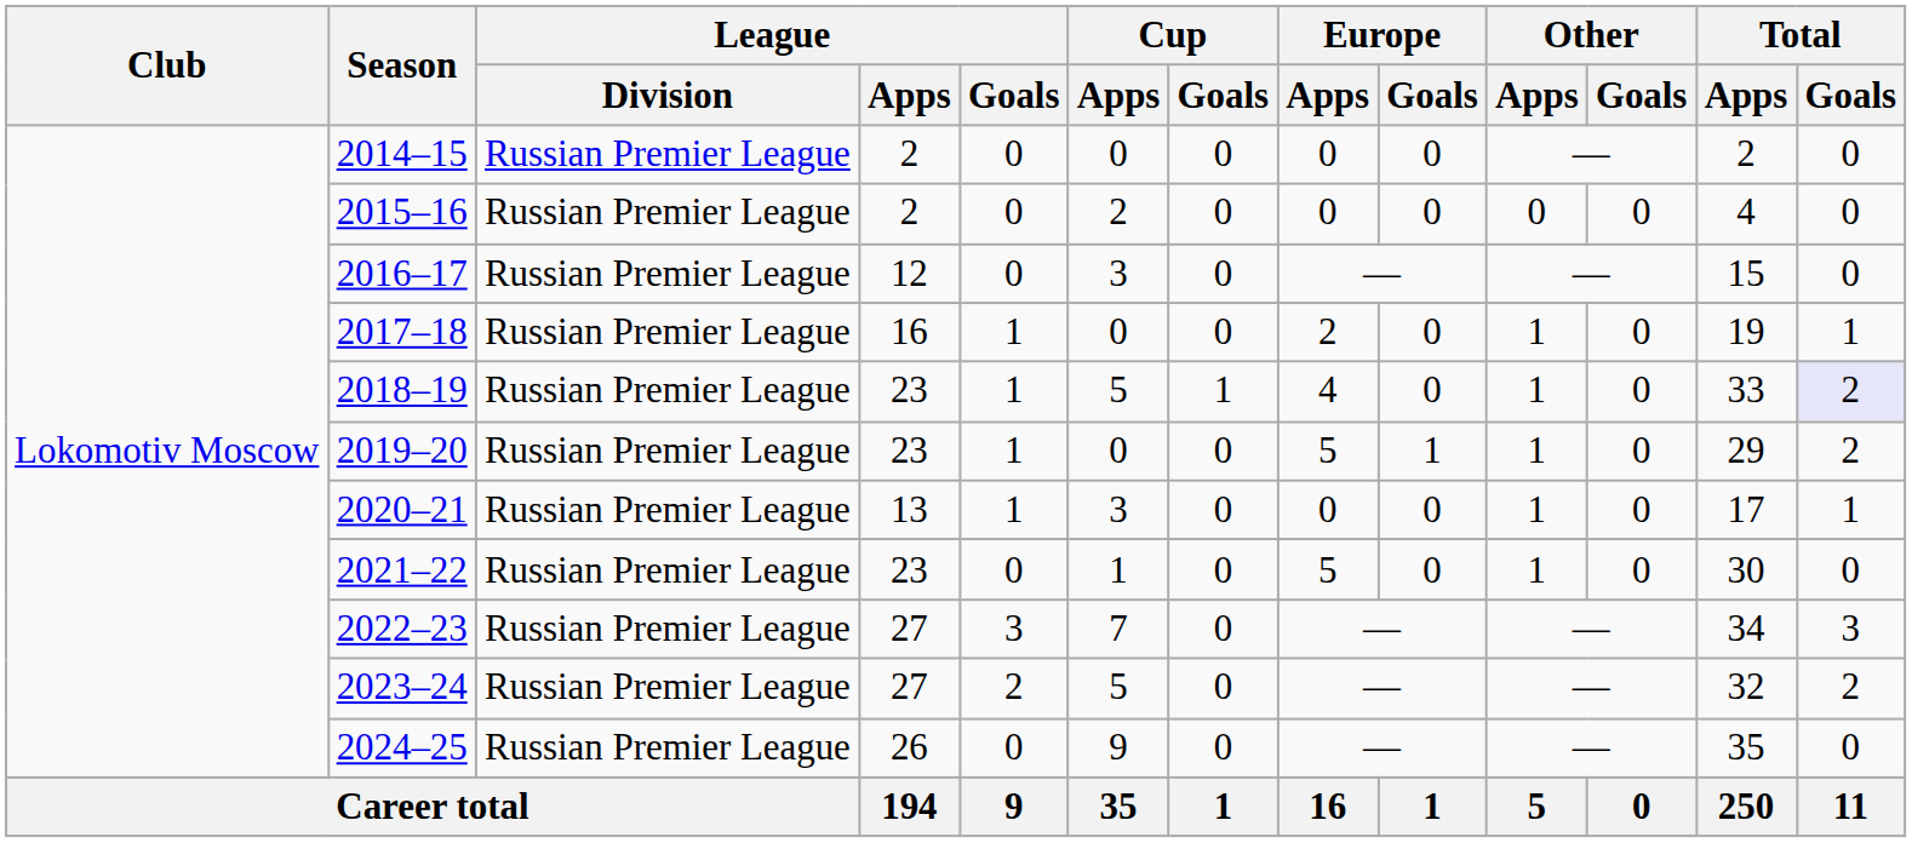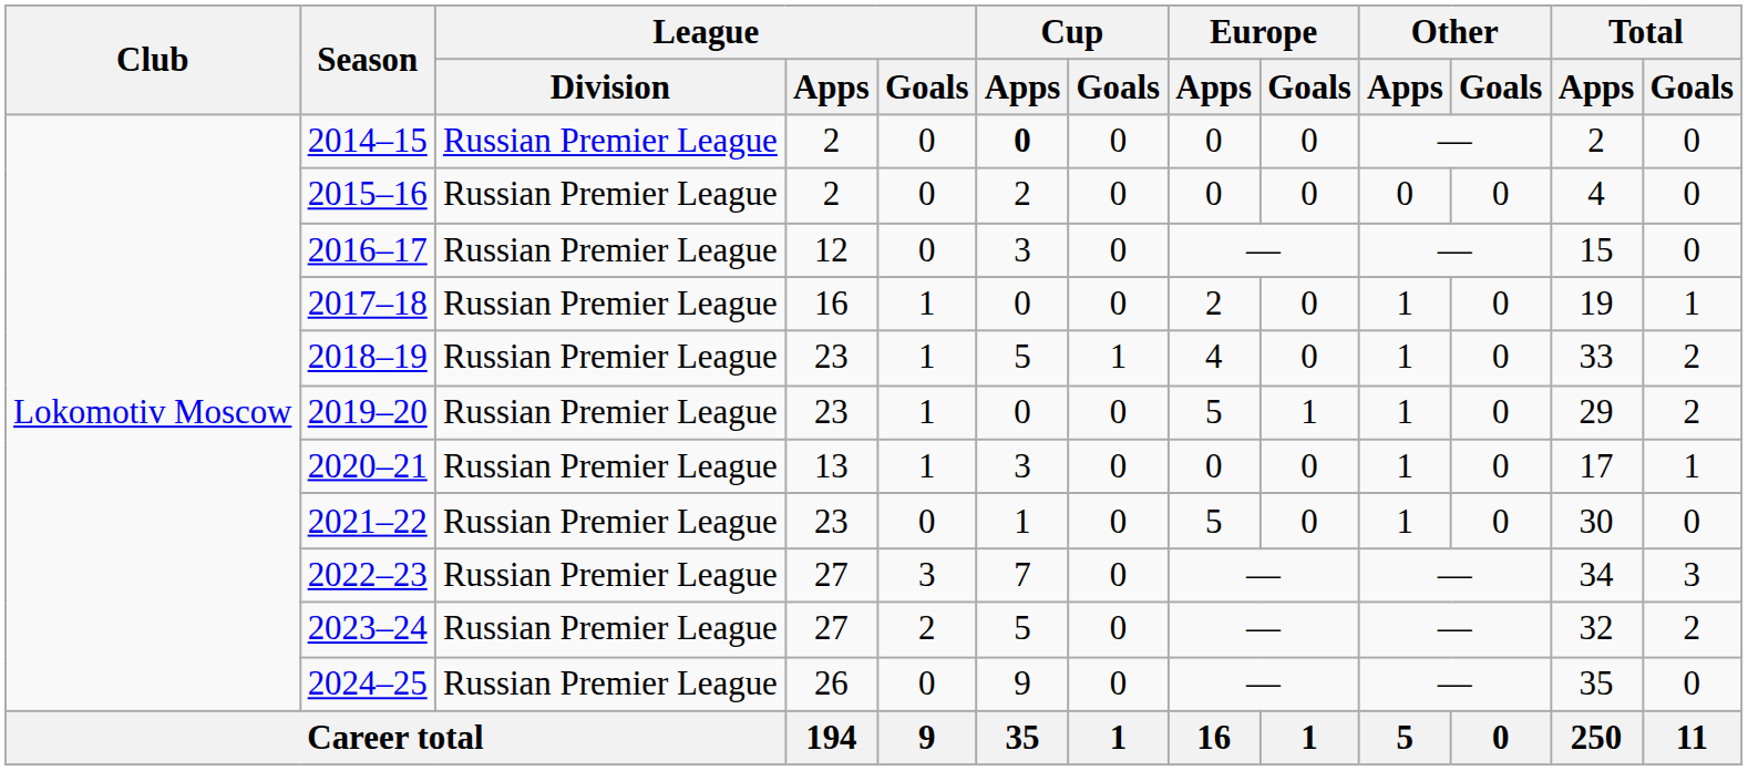 <table class="wikitable" style="text-align:center">
 <tr>
 <th rowspan="2">Club</th>
 <th rowspan="2">Season</th>
 <th colspan="3">League</th>
 <th colspan="2">Cup</th>
 <th colspan="2">Europe</th>
 <th colspan="2">Other</th>
 <th colspan="2">Total</th>
 </tr>
 <tr>
 <th>Division</th>
 <th>Apps</th>
 <th>Goals</th>
 <th>Apps</th>
 <th>Goals</th>
 <th>Apps</th>
 <th>Goals</th>
 <th>Apps</th>
 <th>Goals</th>
 <th>Apps</th>
 <th>Goals</th>
 </tr>
 <tr>
 <td rowspan="11"><a href='#'>Lokomotiv Moscow</a></td>
 <td><a href='#'>2014–15</a></td>
 <td><a href='#'>Russian Premier League</a></td>
 <td>2</td>
 <td>0</td>
-<td>0</td>
+<td><strong>0</strong></td>
 <td>0</td>
 <td>0</td>
 <td>0</td>
 <td colspan="2">—</td>
 <td>2</td>
 <td>0</td>
 </tr>
 <tr>
 <td><a href='#'>2015–16</a></td>
 <td>Russian Premier League</td>
 <td>2</td>
 <td>0</td>
 <td>2</td>
 <td>0</td>
 <td>0</td>
 <td>0</td>
 <td>0</td>
 <td>0</td>
 <td>4</td>
 <td>0</td>
 </tr>
 <tr>
 <td><a href='#'>2016–17</a></td>
 <td>Russian Premier League</td>
 <td>12</td>
 <td>0</td>
 <td>3</td>
 <td>0</td>
 <td colspan="2">—</td>
 <td colspan="2">—</td>
 <td>15</td>
 <td>0</td>
 </tr>
 <tr>
 <td><a href='#'>2017–18</a></td>
 <td>Russian Premier League</td>
 <td>16</td>
 <td>1</td>
 <td>0</td>
 <td>0</td>
 <td>2</td>
 <td>0</td>
 <td>1</td>
 <td>0</td>
 <td>19</td>
 <td>1</td>
 </tr>
 <tr>
 <td><a href='#'>2018–19</a></td>
 <td>Russian Premier League</td>
 <td>23</td>
 <td>1</td>
 <td>5</td>
 <td>1</td>
 <td>4</td>
 <td>0</td>
 <td>1</td>
 <td>0</td>
 <td>33</td>
-<td style="background: lavender;">2</td>
+<td>2</td>
 </tr>
 <tr>
 <td><a href='#'>2019–20</a></td>
 <td>Russian Premier League</td>
 <td>23</td>
 <td>1</td>
 <td>0</td>
 <td>0</td>
 <td>5</td>
 <td>1</td>
 <td>1</td>
 <td>0</td>
 <td>29</td>
 <td>2</td>
 </tr>
 <tr>
 <td><a href='#'>2020–21</a></td>
 <td>Russian Premier League</td>
 <td>13</td>
 <td>1</td>
 <td>3</td>
 <td>0</td>
 <td>0</td>
 <td>0</td>
 <td>1</td>
 <td>0</td>
 <td>17</td>
 <td>1</td>
 </tr>
 <tr>
 <td><a href='#'>2021–22</a></td>
 <td>Russian Premier League</td>
 <td>23</td>
 <td>0</td>
 <td>1</td>
 <td>0</td>
 <td>5</td>
 <td>0</td>
 <td>1</td>
 <td>0</td>
 <td>30</td>
 <td>0</td>
 </tr>
 <tr>
 <td><a href='#'>2022–23</a></td>
 <td>Russian Premier League</td>
 <td>27</td>
 <td>3</td>
 <td>7</td>
 <td>0</td>
 <td colspan="2">—</td>
 <td colspan="2">—</td>
 <td>34</td>
 <td>3</td>
 </tr>
 <tr>
 <td><a href='#'>2023–24</a></td>
 <td>Russian Premier League</td>
 <td>27</td>
 <td>2</td>
 <td>5</td>
 <td>0</td>
 <td colspan="2">—</td>
 <td colspan="2">—</td>
 <td>32</td>
 <td>2</td>
 </tr>
 <tr>
 <td><a href='#'>2024–25</a></td>
 <td>Russian Premier League</td>
 <td>26</td>
 <td>0</td>
 <td>9</td>
 <td>0</td>
 <td colspan="2">—</td>
 <td colspan="2">—</td>
 <td>35</td>
 <td>0</td>
 </tr>
 <tr>
 <th colspan="3">Career total</th>
 <th>194</th>
 <th>9</th>
 <th>35</th>
 <th>1</th>
 <th>16</th>
 <th>1</th>
 <th>5</th>
 <th>0</th>
 <th>250</th>
 <th>11</th>
 </tr>
 </table>
